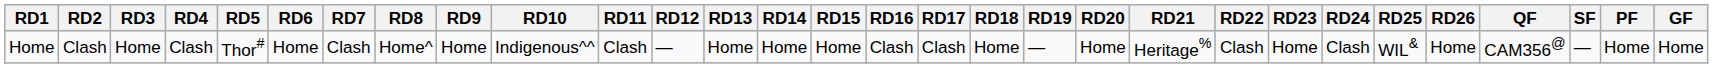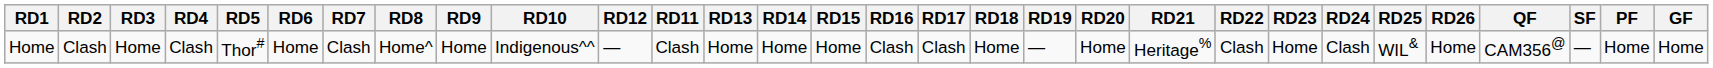 <table class="wikitable" style="font-size:70%; width:40%">
 <tr>
 <th>RD1</th>
 <th>RD2</th>
 <th>RD3</th>
 <th>RD4</th>
 <th>RD5</th>
 <th>RD6</th>
 <th>RD7</th>
 <th>RD8</th>
 <th>RD9</th>
 <th>RD10</th>
+<th>RD12</th>
 <th>RD11</th>
-<th>RD12</th>
 <th>RD13</th>
 <th>RD14</th>
 <th>RD15</th>
 <th>RD16</th>
 <th>RD17</th>
 <th>RD18</th>
 <th>RD19</th>
 <th>RD20</th>
 <th>RD21</th>
 <th>RD22</th>
 <th>RD23</th>
 <th>RD24</th>
 <th>RD25</th>
 <th>RD26</th>
 <th>QF</th>
 <th>SF</th>
 <th>PF</th>
 <th>GF</th>
 </tr>
 <tr>
 <td>Home</td>
 <td>Clash</td>
 <td>Home</td>
 <td>Clash</td>
 <td>Thor<sup>#</sup></td>
 <td>Home</td>
 <td>Clash</td>
 <td>Home^</td>
 <td>Home</td>
 <td>Indigenous^^</td>
+<td>—</td>
 <td>Clash</td>
-<td>—</td>
 <td>Home</td>
 <td>Home</td>
 <td>Home</td>
 <td>Clash</td>
 <td>Clash</td>
 <td>Home</td>
 <td>—</td>
 <td>Home</td>
 <td>Heritage<sup>%</sup></td>
 <td>Clash</td>
 <td>Home</td>
 <td>Clash</td>
 <td>WIL<sup>&</sup></td>
 <td>Home</td>
 <td>CAM356<sup>@</sup></td>
 <td>—</td>
 <td>Home</td>
 <td>Home</td>
 </tr>
 </table>
